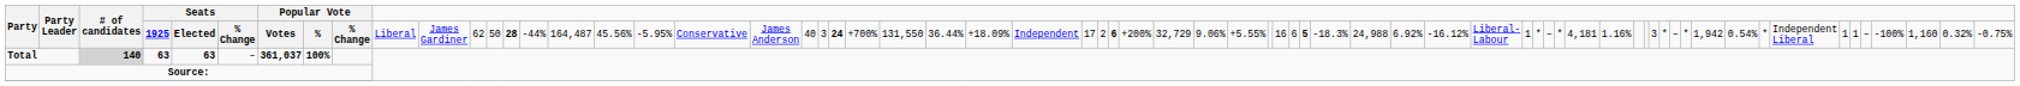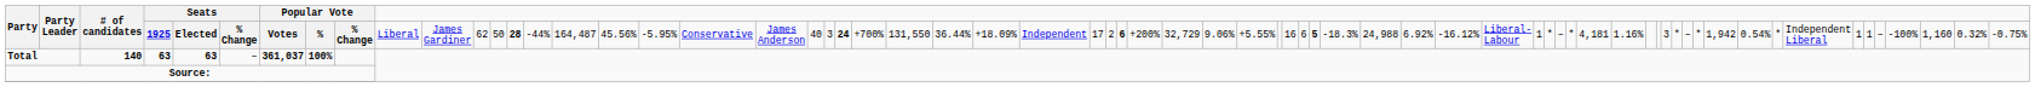 <table class="wikitable">
 <tr>
 <th rowspan=2 colspan=2>Party</th>
 <th rowspan=2>Party Leader</th>
 <th rowspan=2># of<br>candidates</th>
 <th colspan=3>Seats</th>
 <th colspan=3>Popular Vote</th>
 </tr>
 <tr>
 <th><a href='#'>1925</a></th>
 <th>Elected</th>
 <th>% Change</th>
 <th>Votes</th>
 <th>%</th>
 <th>% Change<br></th>
 <td><a href='#'>Liberal</a></td>
 <td align="center"><a href='#'>James Gardiner</a></td>
 <td align="right">62</td>
 <td align="right">50</td>
 <td align="right"><strong>28</strong></td>
 <td align="right">-44%</td>
 <td align="right">164,487</td>
 <td align="right">45.56%</td>
 <td align="right">-5.95%<br></td>
 <td><a href='#'>Conservative</a></td>
 <td align="center"><a href='#'>James Anderson</a></td>
 <td align="right">40</td>
 <td align="right">3</td>
 <td align="right"><strong>24</strong></td>
 <td align="right">+700%</td>
 <td align="right">131,550</td>
 <td align="right">36.44%</td>
 <td align="right">+18.09%<br></td>
 <td colspan=2><a href='#'>Independent</a></td>
 <td align="right">17</td>
 <td align="right">2</td>
 <td align="right"><strong>6</strong></td>
 <td align="right">+200%</td>
 <td align="right">32,729</td>
 <td align="right">9.06%</td>
 <td align="right">+5.55%<br></td>
 <td align="center"></td>
 <td align="right">16</td>
 <td align="right">6</td>
 <td align="right"><strong>5</strong></td>
 <td align="right">-18.3%</td>
 <td align="right">24,988</td>
 <td align="right">6.92%</td>
 <td align="right">-16.12%<br></td>
 <td colspan=2><a href='#'>Liberal-Labour</a></td>
 <td align="right">1</td>
 <td align="right">*</td>
 <td align="right">–</td>
 <td align="right">*</td>
 <td align="right">4,181</td>
 <td align="right">1.16%</td>
 <td align="right"> <br></td>
 <td align="center"></td>
 <td align="right">3</td>
 <td align="right">*</td>
 <td align="right">–</td>
 <td align="right">*</td>
 <td align="right">1,942</td>
 <td align="right">0.54%</td>
 <td align="right">*<br></td>
 <td colspan=2>Independent <a href='#'>Liberal</a></td>
 <td align="right">1</td>
 <td align="right">1</td>
 <td align="right">–</td>
 <td align="right">-100%</td>
 <td align="right">1,160</td>
 <td align="right">0.32%</td>
 <td align="right">-0.75%</td>
 </tr>
 <tr>
 <td colspan=3><strong>Total</strong></td>
-<td align="right" style="background: lightgrey;"><strong>140</strong></td>
+<td align="right"><strong>140</strong></td>
 <td align="right"><strong>63</strong></td>
 <td align="right"><strong>63</strong></td>
 <td align="right">–</td>
 <td align="right"><strong>361,037</strong></td>
 <td align="right"><strong>100%</strong></td>
 <td align="right"> </td>
 </tr>
 <tr>
 <td align="center" colspan=10><strong>Source:</strong> </td>
 </tr>
 <tr>
 </tr>
 </table>
